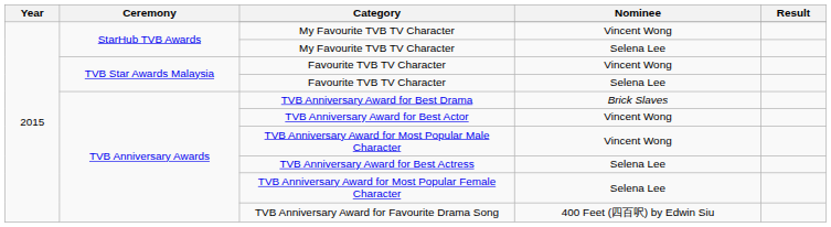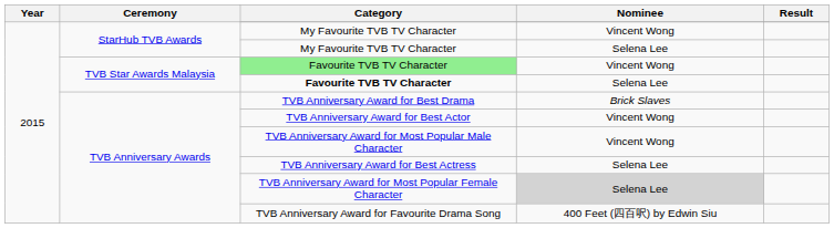 <table class="wikitable" style="width:95%;">
 <tr>
 <th style="width:50px;">Year</th>
 <th style="width:180px;">Ceremony</th>
 <th style="width:280px;">Category</th>
 <th style="width:250px;">Nominee</th>
 <th style="width:60px;">Result</th>
 </tr>
 <tr>
 <td align="center" rowspan=11>2015</td>
 <td align="center" rowspan=3><a href='#'>StarHub TVB Awards</a></td>
 </tr>
 <tr>
 <td align="center">My Favourite TVB TV Character</td>
 <td align="center">Vincent Wong</td>
 <td></td>
 </tr>
 <tr>
 <td align="center">My Favourite TVB TV Character</td>
 <td align="center">Selena Lee</td>
 <td></td>
 </tr>
 <tr>
 <td align="center" rowspan=2><a href='#'>TVB Star Awards Malaysia</a></td>
-<td align="center">Favourite TVB TV Character</td>
+<td align="center" style="background: lightgreen;">Favourite TVB TV Character</td>
 <td align="center">Vincent Wong</td>
 <td></td>
 </tr>
 <tr>
-<td align="center">Favourite TVB TV Character</td>
+<td align="center"><strong>Favourite TVB TV Character</strong></td>
 <td align="center">Selena Lee</td>
 <td></td>
 </tr>
 <tr>
 <td align="center" rowspan=7><a href='#'>TVB Anniversary Awards</a></td>
 <td align="center"><a href='#'>TVB Anniversary Award for Best Drama</a></td>
 <td align="center"><em>Brick Slaves</em></td>
 <td></td>
 </tr>
 <tr>
 <td align="center"><a href='#'>TVB Anniversary Award for Best Actor</a></td>
 <td align="center">Vincent Wong</td>
 <td></td>
 </tr>
 <tr>
 <td align="center"><a href='#'>TVB Anniversary Award for Most Popular Male Character</a></td>
 <td align="center">Vincent Wong</td>
 <td></td>
 </tr>
 <tr>
 <td align="center"><a href='#'>TVB Anniversary Award for Best Actress</a></td>
 <td align="center">Selena Lee</td>
 <td></td>
 </tr>
 <tr>
 <td align="center"><a href='#'>TVB Anniversary Award for Most Popular Female Character</a></td>
-<td align="center">Selena Lee</td>
+<td align="center" style="background: lightgrey;">Selena Lee</td>
 <td></td>
 </tr>
 <tr>
 <td align="center">TVB Anniversary Award for Favourite Drama Song</td>
 <td align="center">400 Feet (四百呎) by Edwin Siu</td>
 <td></td>
 </tr>
 </table>
